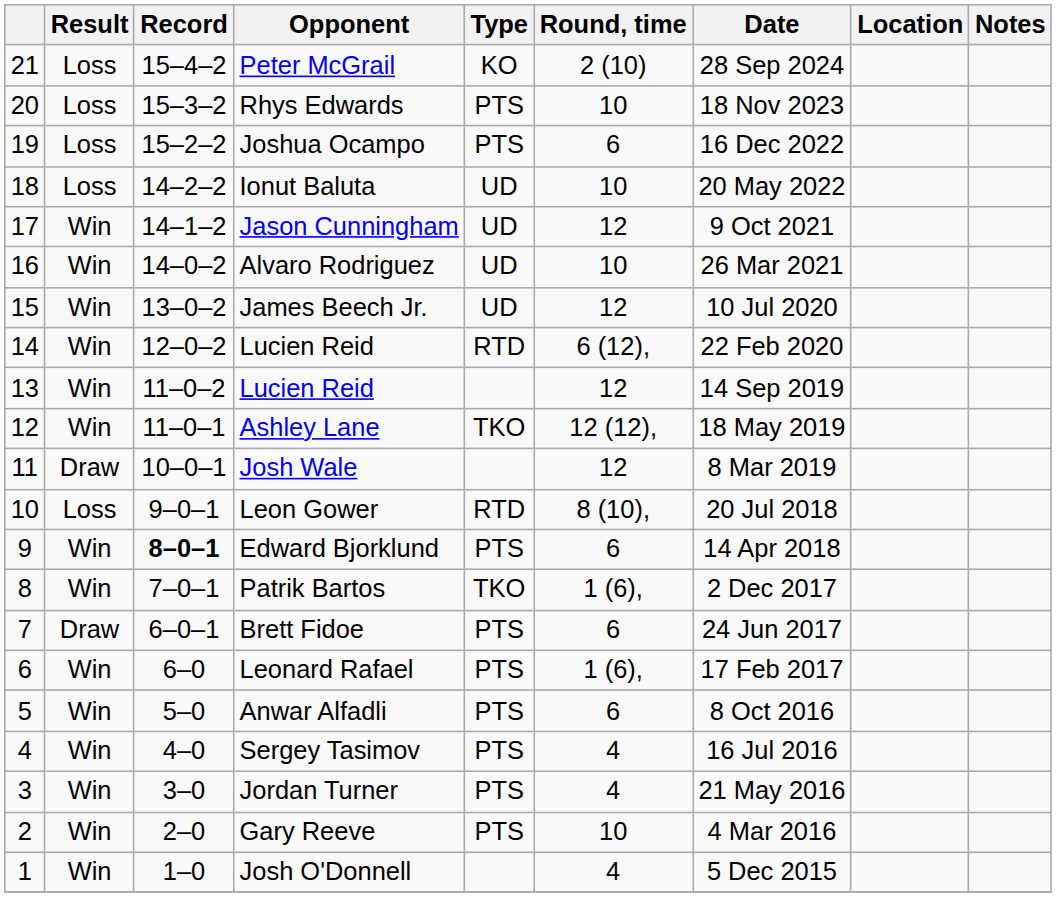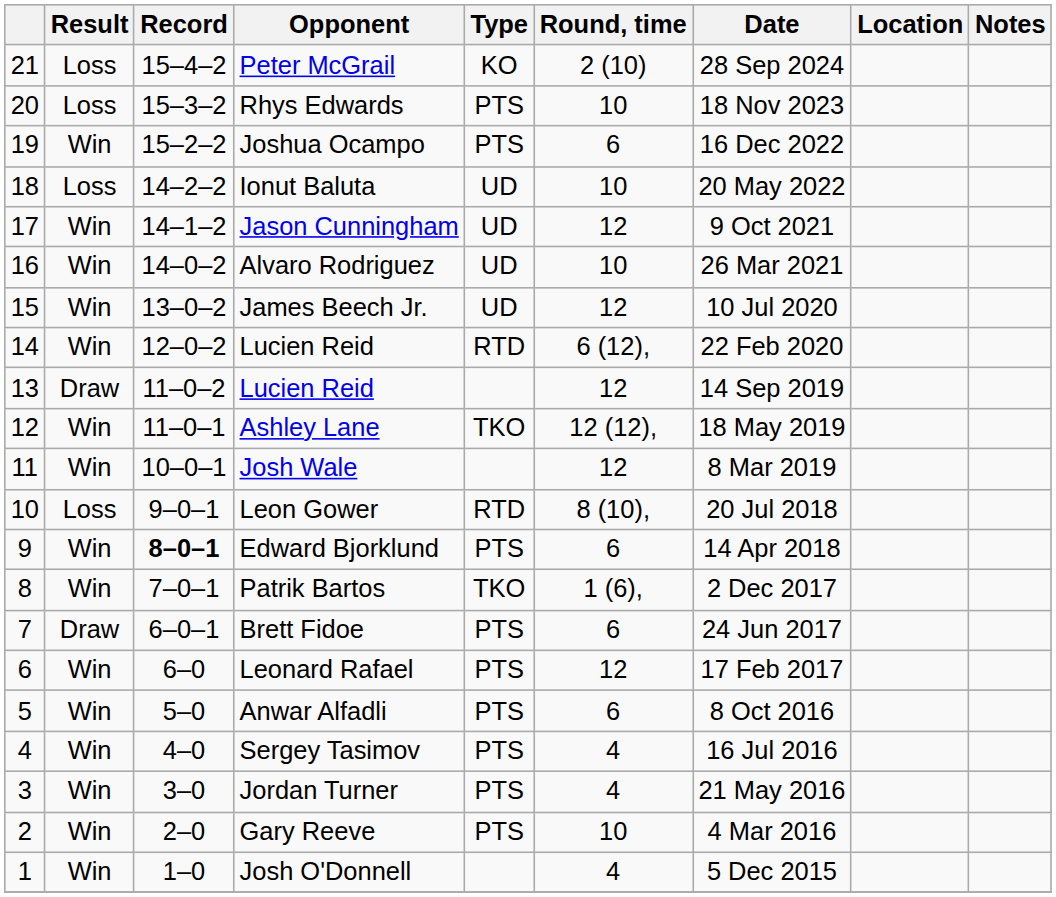 <table class="wikitable" style="text-align:center">
 <tr>
 <th></th>
 <th>Result</th>
 <th>Record</th>
 <th>Opponent</th>
 <th>Type</th>
 <th>Round, time</th>
 <th>Date</th>
 <th>Location</th>
 <th>Notes</th>
 </tr>
 <tr>
 <td>21</td>
 <td>Loss</td>
 <td>15–4–2</td>
 <td style="text-align:left;"><a href='#'>Peter McGrail</a></td>
 <td>KO</td>
 <td>2 (10) </td>
 <td>28 Sep 2024</td>
 <td align=left></td>
 <td></td>
 </tr>
 <tr>
 <td>20</td>
 <td>Loss</td>
 <td>15–3–2</td>
 <td align=left>Rhys Edwards</td>
 <td>PTS</td>
 <td>10</td>
 <td>18 Nov 2023</td>
 <td align=left></td>
 <td></td>
 </tr>
 <tr>
 <td>19</td>
-<td>Loss</td>
+<td>Win</td>
 <td>15–2–2</td>
 <td align=left>Joshua Ocampo</td>
 <td>PTS</td>
 <td>6</td>
 <td>16 Dec 2022</td>
 <td align=left></td>
 <td></td>
 </tr>
 <tr>
 <td>18</td>
 <td>Loss</td>
 <td>14–2–2</td>
 <td align=left>Ionut Baluta</td>
 <td>UD</td>
 <td>10</td>
 <td>20 May 2022</td>
 <td align=left></td>
 <td align=left></td>
 </tr>
 <tr>
 <td>17</td>
 <td>Win</td>
 <td>14–1–2</td>
 <td align=left><a href='#'>Jason Cunningham</a></td>
 <td>UD</td>
 <td>12</td>
 <td>9 Oct 2021</td>
 <td align=left></td>
 <td align=left></td>
 </tr>
 <tr>
 <td>16</td>
 <td>Win</td>
 <td>14–0–2</td>
 <td align=left>Alvaro Rodriguez</td>
 <td>UD</td>
 <td>10</td>
 <td>26 Mar 2021</td>
 <td align=left></td>
 <td align=left></td>
 </tr>
 <tr>
 <td>15</td>
 <td>Win</td>
 <td>13–0–2</td>
 <td align=left>James Beech Jr.</td>
 <td>UD</td>
 <td>12</td>
 <td>10 Jul 2020</td>
 <td align=left></td>
 <td align=left></td>
 </tr>
 <tr>
 <td>14</td>
 <td>Win</td>
 <td>12–0–2</td>
 <td align=left>Lucien Reid</td>
 <td>RTD</td>
 <td>6 (12), </td>
 <td>22 Feb 2020</td>
 <td align=left></td>
 <td align=left></td>
 </tr>
 <tr>
 <td>13</td>
-<td>Win</td>
+<td>Draw</td>
 <td>11–0–2</td>
 <td align=left><a href='#'>Lucien Reid</a></td>
 <td></td>
 <td>12</td>
 <td>14 Sep 2019</td>
 <td align=left></td>
 <td align=left></td>
 </tr>
 <tr>
 <td>12</td>
 <td>Win</td>
 <td>11–0–1</td>
 <td align=left><a href='#'>Ashley Lane</a></td>
 <td>TKO</td>
 <td>12 (12), </td>
 <td>18 May 2019</td>
 <td align=left></td>
 <td align=left></td>
 </tr>
 <tr>
 <td>11</td>
-<td>Draw</td>
+<td>Win</td>
 <td>10–0–1</td>
 <td align=left><a href='#'>Josh Wale</a></td>
 <td></td>
 <td>12</td>
 <td>8 Mar 2019</td>
 <td align=left></td>
 <td align=left></td>
 </tr>
 <tr>
 <td>10</td>
 <td>Loss</td>
 <td>9–0–1</td>
 <td align=left>Leon Gower</td>
 <td>RTD</td>
 <td>8 (10), </td>
 <td>20 Jul 2018</td>
 <td align=left></td>
 <td align=left></td>
 </tr>
 <tr>
 <td>9</td>
 <td>Win</td>
 <td><strong>8–0–1</strong></td>
 <td align=left>Edward Bjorklund</td>
 <td>PTS</td>
 <td>6</td>
 <td>14 Apr 2018</td>
 <td align=left></td>
 <td></td>
 </tr>
 <tr>
 <td>8</td>
 <td>Win</td>
 <td>7–0–1</td>
 <td align=left>Patrik Bartos</td>
 <td>TKO</td>
 <td>1 (6), </td>
 <td>2 Dec 2017</td>
 <td align=left></td>
 <td></td>
 </tr>
 <tr>
 <td>7</td>
 <td>Draw</td>
 <td>6–0–1</td>
 <td align=left>Brett Fidoe</td>
 <td>PTS</td>
 <td>6</td>
 <td>24 Jun 2017</td>
 <td align=left></td>
 <td></td>
 </tr>
 <tr>
 <td>6</td>
 <td>Win</td>
 <td>6–0</td>
 <td align=left>Leonard Rafael</td>
 <td>PTS</td>
-<td>1 (6), </td>
+<td>12</td>
 <td>17 Feb 2017</td>
 <td align=left></td>
 <td></td>
 </tr>
 <tr>
 <td>5</td>
 <td>Win</td>
 <td>5–0</td>
 <td align=left>Anwar Alfadli</td>
 <td>PTS</td>
 <td>6</td>
 <td>8 Oct 2016</td>
 <td align=left></td>
 <td></td>
 </tr>
 <tr>
 <td>4</td>
 <td>Win</td>
 <td>4–0</td>
 <td align=left>Sergey Tasimov</td>
 <td>PTS</td>
 <td>4</td>
 <td>16 Jul 2016</td>
 <td align=left></td>
 <td></td>
 </tr>
 <tr>
 <td>3</td>
 <td>Win</td>
 <td>3–0</td>
 <td align=left>Jordan Turner</td>
 <td>PTS</td>
 <td>4</td>
 <td>21 May 2016</td>
 <td align=left></td>
 <td></td>
 </tr>
 <tr>
 <td>2</td>
 <td>Win</td>
 <td>2–0</td>
 <td align=left>Gary Reeve</td>
 <td>PTS</td>
 <td>10</td>
 <td>4 Mar 2016</td>
 <td align=left></td>
 <td></td>
 </tr>
 <tr>
 <td>1</td>
 <td>Win</td>
 <td>1–0</td>
 <td align=left>Josh O'Donnell</td>
 <td></td>
 <td>4</td>
 <td>5 Dec 2015</td>
 <td align=left></td>
 <td></td>
 </tr>
 <tr>
 </tr>
 </table>
